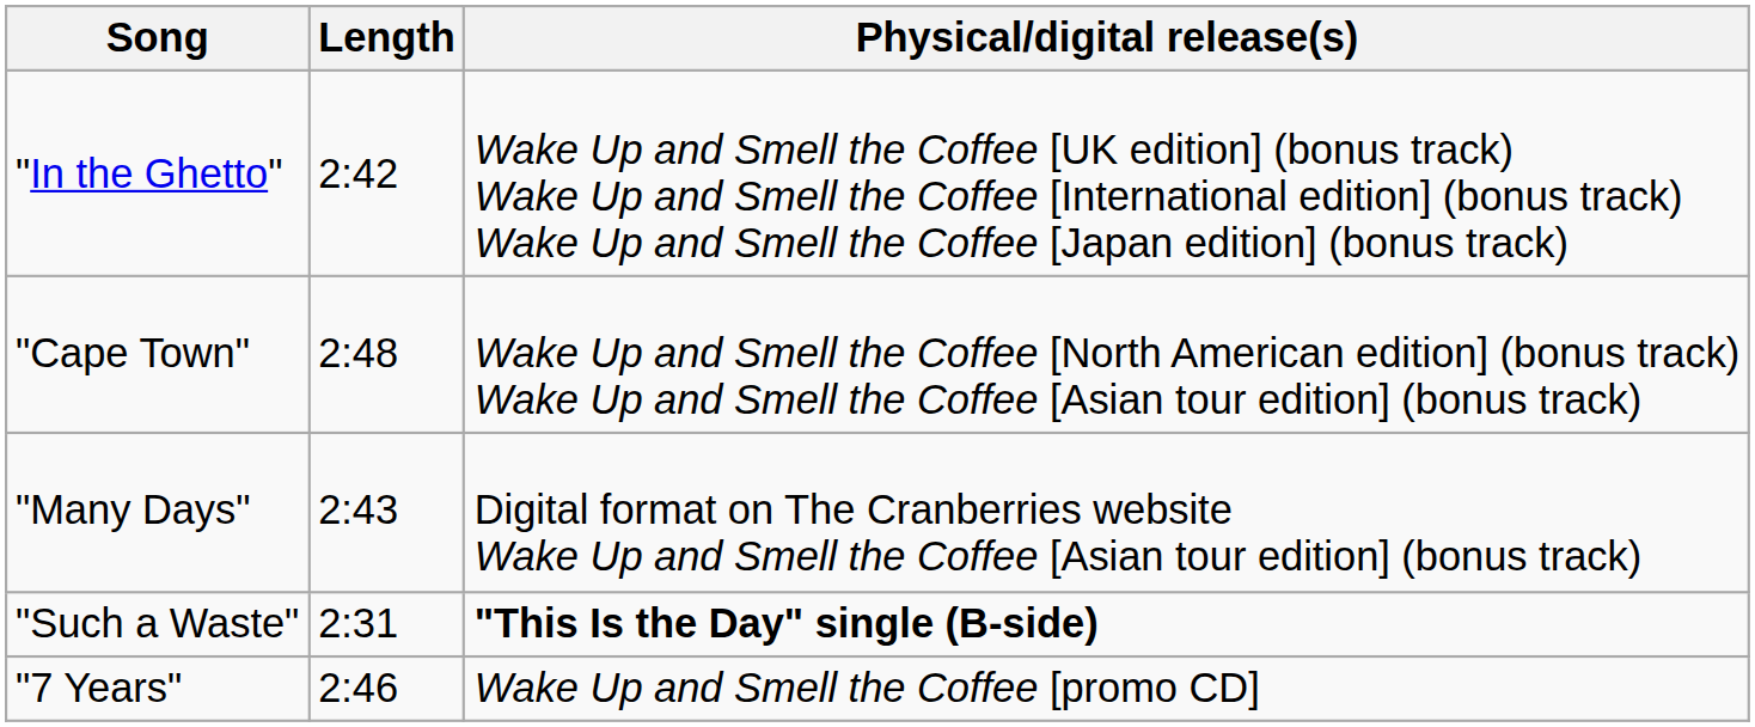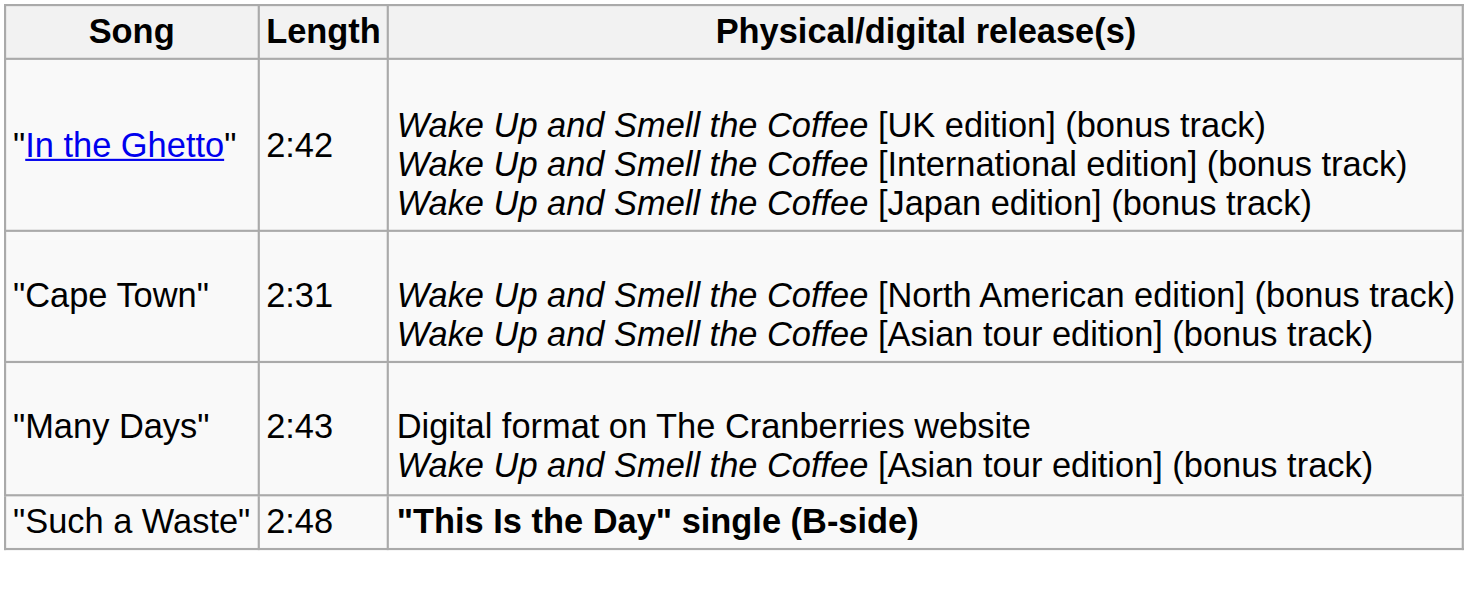 <table class="wikitable">
 <tr>
 <th>Song</th>
 <th>Length</th>
 <th>Physical/digital release(s)</th>
 </tr>
 <tr>
 <td scope="row">"<a href='#'>In the Ghetto</a>"</td>
 <td>2:42</td>
 <td><br><em>Wake Up and Smell the Coffee</em> [UK edition] (bonus track)<br> <em>Wake Up and Smell the Coffee</em> [International edition] (bonus track)<br> <em>Wake Up and Smell the Coffee</em> [Japan edition] (bonus track)</td>
 </tr>
 <tr>
 <td scope="row">"Cape Town"</td>
-<td>2:48</td>
+<td>2:31</td>
 <td><br><em>Wake Up and Smell the Coffee</em> [North American edition] (bonus track)<br> <em>Wake Up and Smell the Coffee</em> [Asian tour edition] (bonus track)</td>
 </tr>
 <tr>
 <td scope="row">"Many Days"</td>
 <td>2:43</td>
 <td><br>Digital format on The Cranberries website<br> <em>Wake Up and Smell the Coffee</em> [Asian tour edition] (bonus track)</td>
 </tr>
 <tr>
 <td scope="row">"Such a Waste"</td>
-<td>2:31</td>
+<td>2:48</td>
 <td><strong>"This Is the Day" single (B-side)</strong></td>
 </tr>
-<tr>
-<td scope="row">"7 Years"</td>
-<td>2:46</td>
-<td><em>Wake Up and Smell the Coffee</em> [promo CD]</td>
-</tr>
 </table>
